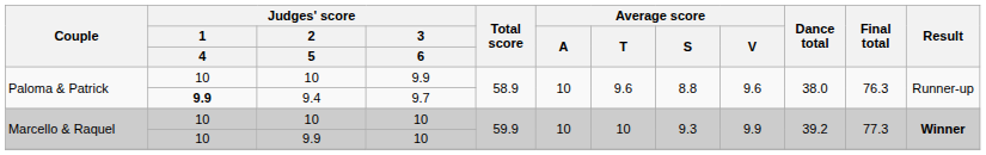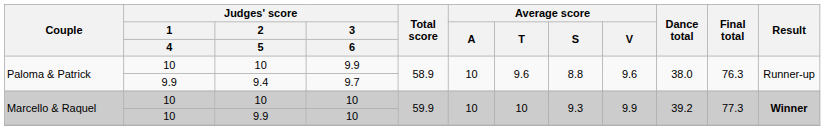 <table class="wikitable" style="font-size:90%; line-height:16px; text-align:center" width="85%">
 <tr>
 <th rowspan=3 width=150>Couple</th>
 <th colspan=3 width=200>Judges' score</th>
 <th rowspan=3 width=060>Total score</th>
 <th colspan=4 width=150>Average score</th>
 <th rowspan=3 width=060>Dance total</th>
 <th rowspan=3 width=060>Final total</th>
 <th rowspan=3 width=075>Result</th>
 </tr>
 <tr>
 <th>1</th>
 <th>2</th>
 <th>3</th>
 <th rowspan=2>A</th>
 <th rowspan=2>T</th>
 <th rowspan=2>S</th>
 <th rowspan=2>V</th>
 </tr>
 <tr>
 <th>4</th>
 <th>5</th>
 <th>6</th>
 </tr>
 <tr>
 <td align="left" rowspan=2>Paloma & Patrick</td>
 <td>10</td>
 <td>10</td>
 <td>9.9</td>
 <td rowspan=2>58.9</td>
 <td rowspan=2>10</td>
 <td rowspan=2>9.6</td>
 <td rowspan=2>8.8</td>
 <td rowspan=2>9.6</td>
 <td rowspan=2>38.0</td>
 <td rowspan=2>76.3</td>
 <td rowspan=2>Runner-up</td>
 </tr>
 <tr>
-<td><strong>9.9</strong></td>
+<td>9.9</td>
 <td>9.4</td>
 <td>9.7</td>
 </tr>
 <tr bgcolor="CCCCCC">
 <td align="left" rowspan=2>Marcello & Raquel</td>
 <td>10</td>
 <td>10</td>
 <td>10</td>
 <td rowspan=2>59.9</td>
 <td rowspan=2>10</td>
 <td rowspan=2>10</td>
 <td rowspan=2>9.3</td>
 <td rowspan=2>9.9</td>
 <td rowspan=2>39.2</td>
 <td rowspan=2>77.3</td>
 <td rowspan=2><strong>Winner</strong></td>
 </tr>
 <tr bgcolor="CCCCCC">
 <td>10</td>
 <td>9.9</td>
 <td>10</td>
 </tr>
 <tr>
 </tr>
 </table>
